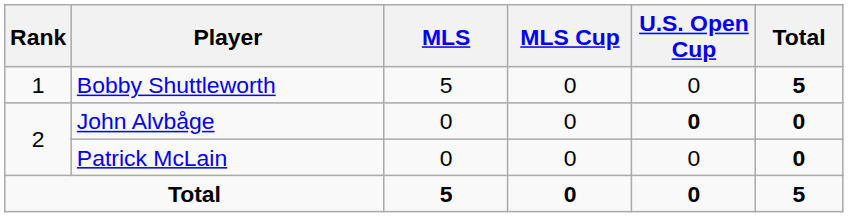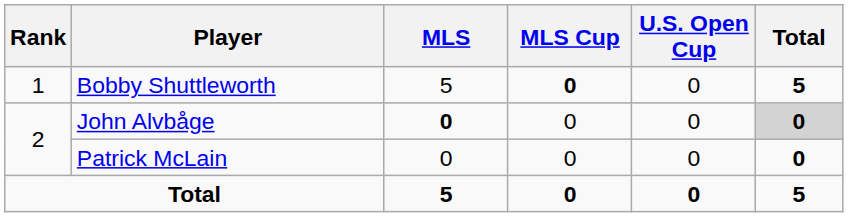 <table class="wikitable" style="font-size: 95%; text-align: center;">
 <tr>
 <th width=10>Rank</th>
 <th width=200>Player</th>
 <th width=75><a href='#'>MLS</a></th>
 <th width=75><a href='#'>MLS Cup</a></th>
 <th width=75><a href='#'>U.S. Open Cup</a></th>
 <th width=50>Total</th>
 </tr>
 <tr>
 <td rowspan="1">1</td>
 <td align="left"> <a href='#'>Bobby Shuttleworth</a></td>
 <td>5</td>
-<td>0</td>
+<td><strong>0</strong></td>
 <td>0</td>
 <td><strong>5</strong></td>
 </tr>
 <tr>
 <td rowspan="2">2</td>
 <td align=left> <a href='#'>John Alvbåge</a></td>
+<td><strong>0</strong></td>
 <td>0</td>
 <td>0</td>
-<td><strong>0</strong></td>
-<td><strong>0</strong></td>
+<td style="background: lightgrey;"><strong>0</strong></td>
 </tr>
 <tr>
 <td align=left> <a href='#'>Patrick McLain</a></td>
 <td>0</td>
 <td>0</td>
 <td>0</td>
 <td><strong>0</strong></td>
 </tr>
 <tr>
 <td colspan="2"><strong>Total</strong></td>
 <td><strong>5</strong></td>
 <td><strong>0</strong></td>
 <td><strong>0</strong></td>
 <td><strong>5</strong></td>
 </tr>
 </table>
